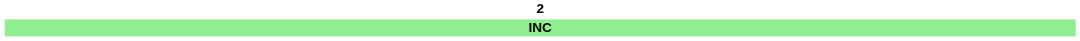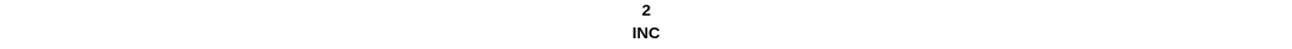 <table style="width:100%; text-align:center;">
 <tr>
 <td style="background:"><strong>2</strong></td>
 </tr>
 <tr>
-<td style="background: lightgreen;"><span><strong>INC</strong></span></td>
+<td><span><strong>INC</strong></span></td>
 </tr>
 </table>
